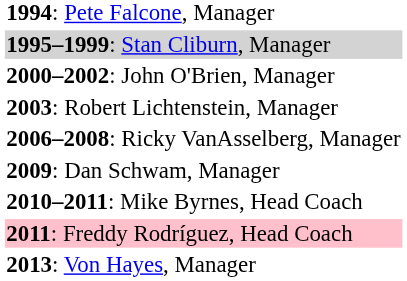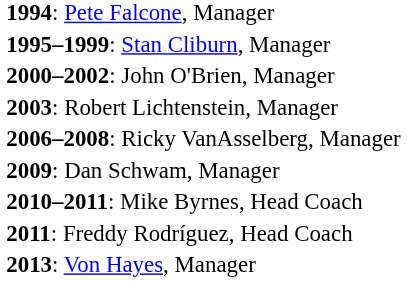 <table>
 <tr>
 <td><strong>1994</strong>: <a href='#'>Pete Falcone</a>, Manager</td>
 </tr>
 <tr>
-<td style="background: lightgrey;"><strong>1995–1999</strong>: <a href='#'>Stan Cliburn</a>, Manager</td>
+<td><strong>1995–1999</strong>: <a href='#'>Stan Cliburn</a>, Manager</td>
 </tr>
 <tr>
 <td><strong>2000–2002</strong>: John O'Brien, Manager</td>
 </tr>
 <tr>
 <td><strong>2003</strong>: Robert Lichtenstein, Manager</td>
 </tr>
 <tr>
 <td><strong>2006–2008</strong>: Ricky VanAsselberg, Manager</td>
 </tr>
 <tr>
 <td><strong>2009</strong>: Dan Schwam, Manager</td>
 </tr>
 <tr>
 <td><strong>2010–2011</strong>: Mike Byrnes, Head Coach</td>
 </tr>
 <tr>
-<td style="background: pink;"><strong>2011</strong>: Freddy Rodríguez, Head Coach</td>
+<td><strong>2011</strong>: Freddy Rodríguez, Head Coach</td>
 </tr>
 <tr>
 <td><strong>2013</strong>: <a href='#'>Von Hayes</a>, Manager</td>
 </tr>
 <tr>
 </tr>
 </table>
